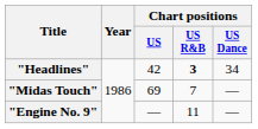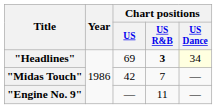 <table class="wikitable plainrowheaders" style="text-align:center;">
 <tr>
 <th rowspan="2">Title</th>
 <th rowspan="2">Year</th>
 <th colspan="3">Chart positions</th>
 </tr>
 <tr style="font-size:smaller;">
 <th width="40"><a href='#'>US</a></th>
 <th width="40"><a href='#'>US<br>R&B</a></th>
 <th width="40"><a href='#'>US<br>Dance</a></th>
 </tr>
 <tr>
 <th scope="row">"Headlines"</th>
 <td rowspan="3">1986</td>
-<td>42</td>
+<td>69</td>
 <td><strong>3</strong></td>
-<td>34</td>
+<td style="background: lightyellow;">34</td>
 </tr>
 <tr>
 <th scope="row">"Midas Touch"</th>
-<td>69</td>
+<td>42</td>
 <td>7</td>
 <td>—</td>
 </tr>
 <tr>
 <th scope="row">"Engine No. 9"</th>
 <td>—</td>
 <td>11</td>
 <td>—</td>
 </tr>
 </table>
